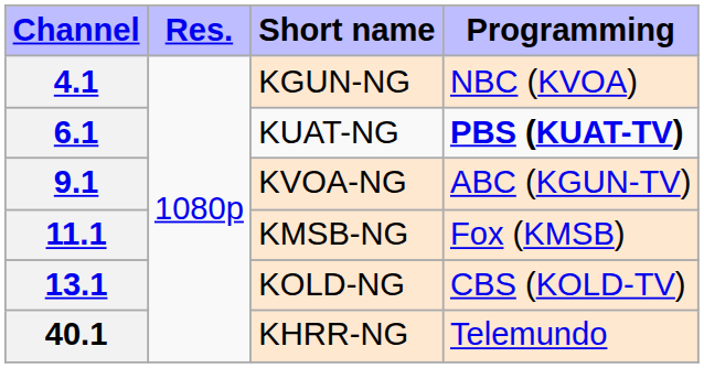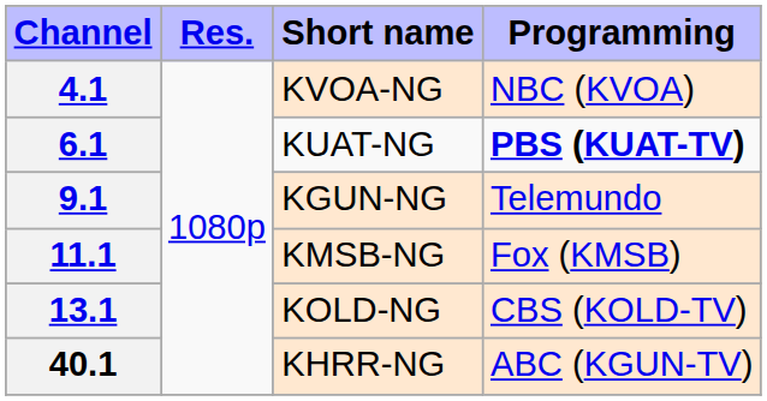 <table class="wikitable">
 <tr>
 <th style="background-color: #bdbdff" scope="col"><a href='#'>Channel</a></th>
 <th style="background-color: #bdbdff" scope="col"><a href='#'>Res.</a></th>
 <th style="background-color: #bdbdff" scope="col">Short name</th>
 <th style="background-color: #bdbdff" scope="col">Programming</th>
 </tr>
 <tr>
 <th scope="row"><a href='#'>4.1</a></th>
 <td rowspan=6><a href='#'>1080p</a></td>
-<td style="background-color:#ffe8d0">KGUN-NG</td>
+<td style="background-color:#ffe8d0">KVOA-NG</td>
 <td style="background-color:#ffe8d0"><a href='#'>NBC</a> (<a href='#'>KVOA</a>) </td>
 </tr>
 <tr>
 <th scope="row"><a href='#'>6.1</a></th>
 <td>KUAT-NG</td>
 <td><strong><a href='#'>PBS</a> (<a href='#'>KUAT-TV</a>)</strong></td>
 </tr>
 <tr>
 <th scope="row"><a href='#'>9.1</a></th>
-<td style="background-color:#ffe8d0">KVOA-NG</td>
-<td style="background-color:#ffe8d0"><a href='#'>ABC</a> (<a href='#'>KGUN-TV</a>) </td>
+<td style="background-color:#ffe8d0">KGUN-NG</td>
+<td style="background-color:#ffe8d0"><a href='#'>Telemundo</a> </td>
 </tr>
 <tr>
 <th scope="row"><a href='#'>11.1</a></th>
 <td style="background-color:#ffe8d0">KMSB-NG</td>
 <td style="background-color:#ffe8d0"><a href='#'>Fox</a> (<a href='#'>KMSB</a>) </td>
 </tr>
 <tr>
 <th scope="row"><a href='#'>13.1</a></th>
 <td style="background-color:#ffe8d0">KOLD-NG</td>
 <td style="background-color:#ffe8d0"><a href='#'>CBS</a> (<a href='#'>KOLD-TV</a>) </td>
 </tr>
 <tr>
 <th scope="row">40.1</th>
 <td style="background-color:#ffe8d0">KHRR-NG</td>
-<td style="background-color:#ffe8d0"><a href='#'>Telemundo</a> </td>
+<td style="background-color:#ffe8d0"><a href='#'>ABC</a> (<a href='#'>KGUN-TV</a>) </td>
 </tr>
 </table>
